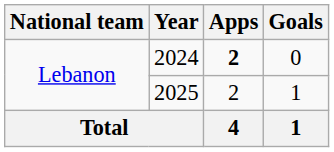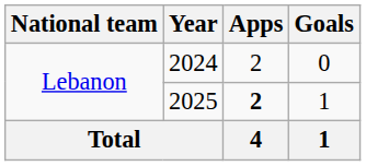 <table class="wikitable" style="text-align:center">
 <tr>
 <th>National team</th>
 <th>Year</th>
 <th>Apps</th>
 <th>Goals</th>
 </tr>
 <tr>
 <td rowspan="2"><a href='#'>Lebanon</a></td>
 <td>2024</td>
-<td><strong>2</strong></td>
+<td>2</td>
 <td>0</td>
 </tr>
 <tr>
 <td>2025</td>
-<td>2</td>
+<td><strong>2</strong></td>
 <td>1</td>
 </tr>
 <tr>
 <th colspan="2">Total</th>
 <th>4</th>
 <th>1</th>
 </tr>
 </table>
